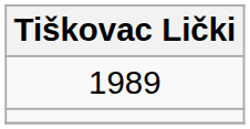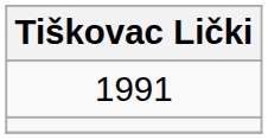 <table class="wikitable" style="margin: 0.5em auto; text-align: center;">
 <tr>
 <th colspan="1">Tiškovac Lički</th>
 </tr>
 <tr>
-<td>1989</td>
+<td>1991</td>
 </tr>
 <tr>
 <td></td>
 </tr>
 <tr>
 </tr>
 </table>
